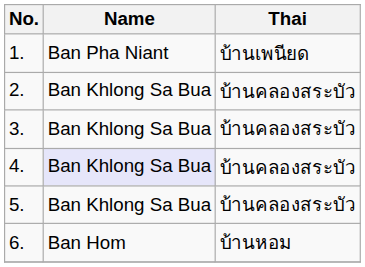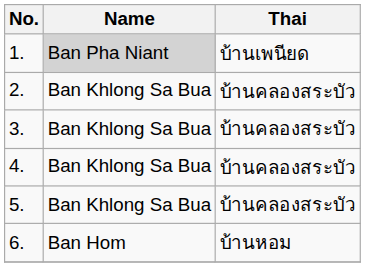 <table class="wikitable sortable">
 <tr>
 <th>No.</th>
 <th>Name</th>
 <th>Thai</th>
 </tr>
 <tr>
 <td>1.</td>
-<td>Ban Pha Niant</td>
+<td style="background: lightgrey;">Ban Pha Niant</td>
 <td>บ้านเพนียด</td>
 </tr>
 <tr>
 <td>2.</td>
 <td>Ban Khlong Sa Bua</td>
 <td>บ้านคลองสระบัว</td>
 </tr>
 <tr>
 <td>3.</td>
 <td>Ban Khlong Sa Bua</td>
 <td>บ้านคลองสระบัว</td>
 </tr>
 <tr>
 <td>4.</td>
-<td style="background: lavender;">Ban Khlong Sa Bua</td>
+<td>Ban Khlong Sa Bua</td>
 <td>บ้านคลองสระบัว</td>
 </tr>
 <tr>
 <td>5.</td>
 <td>Ban Khlong Sa Bua</td>
 <td>บ้านคลองสระบัว</td>
 </tr>
 <tr>
 <td>6.</td>
 <td>Ban Hom</td>
 <td>บ้านหอม</td>
 </tr>
 <tr>
 </tr>
 </table>
